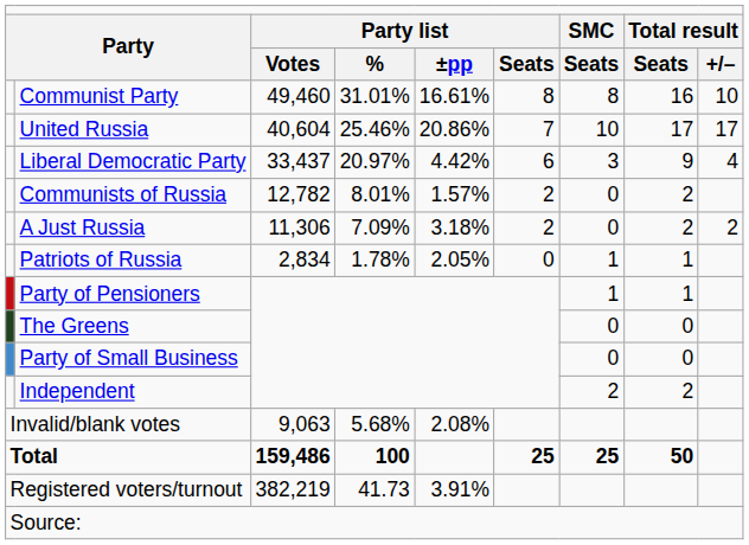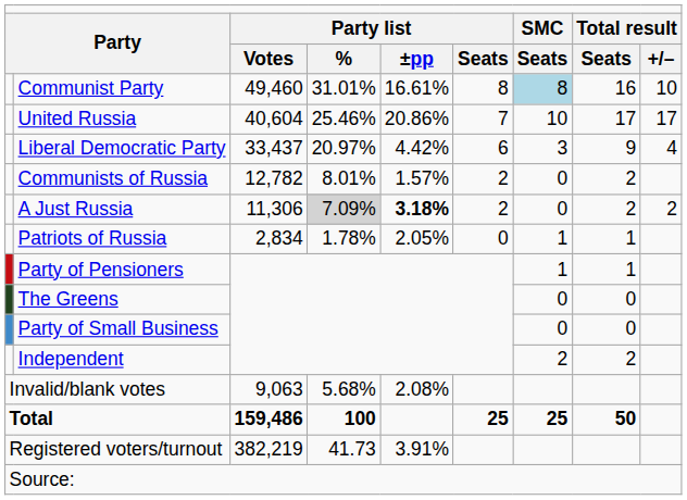 <table class="wikitable sortable" style="text-align:right; margin-bottom:0;">
 <tr>
 <td colspan="9"></td>
 </tr>
 <tr>
 <th rowspan=2 colspan=2>Party</th>
 <th colspan=4>Party list</th>
 <th>SMC</th>
 <th colspan=2>Total result</th>
 </tr>
 <tr>
 <th>Votes</th>
 <th>%</th>
 <th>±<a href='#'>pp</a></th>
 <th>Seats</th>
 <th>Seats</th>
 <th>Seats</th>
 <th>+/–</th>
 </tr>
 <tr>
 <td></td>
 <td align=left><a href='#'>Communist Party</a></td>
 <td>49,460</td>
 <td>31.01%</td>
 <td> 16.61%</td>
 <td>8</td>
-<td>8</td>
+<td style="background: lightblue;">8</td>
 <td>16</td>
 <td> 10</td>
 </tr>
 <tr>
 <td></td>
 <td align=left><a href='#'>United Russia</a></td>
 <td>40,604</td>
 <td>25.46%</td>
 <td> 20.86%</td>
 <td>7</td>
 <td>10</td>
 <td>17</td>
 <td> 17</td>
 </tr>
 <tr>
 <td></td>
 <td align=left><a href='#'>Liberal Democratic Party</a></td>
 <td>33,437</td>
 <td>20.97%</td>
 <td> 4.42%</td>
 <td>6</td>
 <td>3</td>
 <td>9</td>
 <td> 4</td>
 </tr>
 <tr>
 <td></td>
 <td align=left><a href='#'>Communists of Russia</a></td>
 <td>12,782</td>
 <td>8.01%</td>
 <td> 1.57%</td>
 <td>2</td>
 <td>0</td>
 <td>2</td>
 <td></td>
 </tr>
 <tr>
 <td></td>
 <td align=left><a href='#'>A Just Russia</a></td>
 <td>11,306</td>
-<td>7.09%</td>
-<td> 3.18%</td>
+<td style="background: lightgrey;">7.09%</td>
+<td><strong> 3.18%</strong></td>
 <td>2</td>
 <td>0</td>
 <td>2</td>
 <td> 2</td>
 </tr>
 <tr>
 <td></td>
 <td align=left><a href='#'>Patriots of Russia</a></td>
 <td>2,834</td>
 <td>1.78%</td>
 <td> 2.05%</td>
 <td>0</td>
 <td>1</td>
 <td>1</td>
 <td></td>
 </tr>
 <tr>
 <td style="background:#c50d13;"></td>
 <td align=left><a href='#'>Party of Pensioners</a></td>
 <td colspan=4 rowspan=4></td>
 <td>1</td>
 <td>1</td>
 <td></td>
 </tr>
 <tr>
 <td style="background:#21421e;"></td>
 <td align=left><a href='#'>The Greens</a></td>
 <td>0</td>
 <td>0</td>
 <td></td>
 </tr>
 <tr>
 <td style="background:#3e89c9"></td>
 <td align=left><a href='#'>Party of Small Business</a></td>
 <td>0</td>
 <td>0</td>
 <td></td>
 </tr>
 <tr>
 <td></td>
 <td align=left><a href='#'>Independent</a></td>
 <td>2</td>
 <td>2</td>
 <td></td>
 </tr>
 <tr>
 <td align=left colspan=2>Invalid/blank votes</td>
 <td>9,063</td>
 <td>5.68%</td>
 <td> 2.08%</td>
 <td></td>
 <td></td>
 <td></td>
 <td></td>
 </tr>
 <tr style="font-weight:bold;">
 <td align=left colspan=2>Total</td>
 <td>159,486</td>
 <td>100</td>
 <td></td>
 <td>25</td>
 <td>25</td>
 <td>50</td>
 <td></td>
 </tr>
 <tr>
 <td align=left colspan=2>Registered voters/turnout</td>
 <td>382,219</td>
 <td>41.73</td>
 <td> 3.91%</td>
 <td></td>
 <td></td>
 <td></td>
 <td></td>
 </tr>
 <tr class="sortbottom">
 <td colspan=10 align=left>Source:</td>
 </tr>
 </table>
